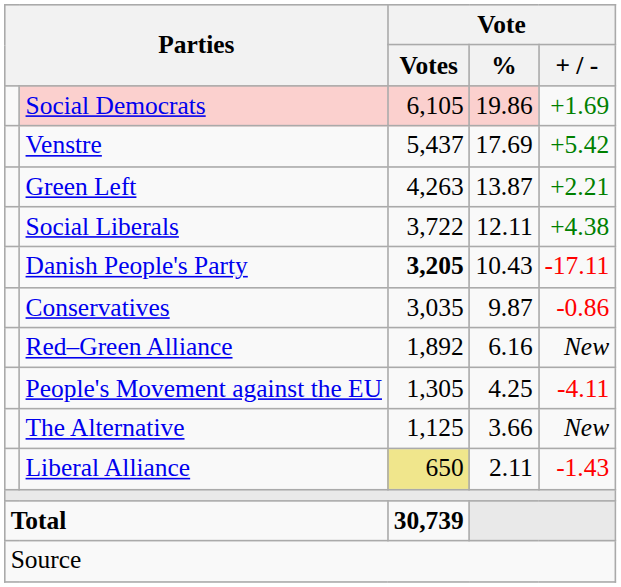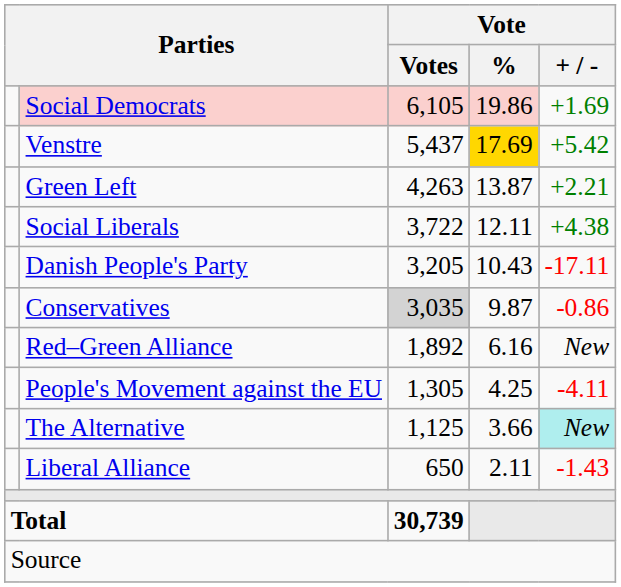 <table class="wikitable" style="text-align:right;">
 <tr>
 <th style="text-align:centre;" rowspan="2" colspan="2" width="225">Parties</th>
 <th colspan="3">Vote</th>
 </tr>
 <tr>
 <th width="15">Votes</th>
 <th width="15">%</th>
 <th width="15">+ / -</th>
 </tr>
 <tr>
 <td width="2" style="color:inherit;background:"></td>
 <td bgcolor=#fbd0ce   align="left"><a href='#'>Social Democrats</a></td>
 <td bgcolor=#fbd0ce>6,105</td>
 <td bgcolor=#fbd0ce>19.86</td>
 <td style=color:green;>+1.69</td>
 </tr>
 <tr>
 <td width="2" style="color:inherit;background:"></td>
 <td align="left"><a href='#'>Venstre</a></td>
 <td>5,437</td>
-<td>17.69</td>
+<td style="background: gold;">17.69</td>
 <td style=color:green;>+5.42</td>
 </tr>
 <tr>
 <td width="2" style="color:inherit;background:"></td>
 <td align="left"><a href='#'>Green Left</a></td>
 <td>4,263</td>
 <td>13.87</td>
 <td style=color:green;>+2.21</td>
 </tr>
 <tr>
 <td width="2" style="color:inherit;background:"></td>
 <td align="left"><a href='#'>Social Liberals</a></td>
 <td>3,722</td>
 <td>12.11</td>
 <td style=color:green;>+4.38</td>
 </tr>
 <tr>
 <td width="2" style="color:inherit;background:"></td>
 <td align="left"><a href='#'>Danish People's Party</a></td>
-<td><strong>3,205</strong></td>
+<td>3,205</td>
 <td>10.43</td>
 <td style=color:red;>-17.11</td>
 </tr>
 <tr>
 <td width="2" style="color:inherit;background:"></td>
 <td align="left"><a href='#'>Conservatives</a></td>
-<td>3,035</td>
+<td style="background: lightgrey;">3,035</td>
 <td>9.87</td>
 <td style=color:red;>-0.86</td>
 </tr>
 <tr>
 <td width="2" style="color:inherit;background:"></td>
 <td align="left"><a href='#'>Red–Green Alliance</a></td>
 <td>1,892</td>
 <td>6.16</td>
 <td><em>New</em></td>
 </tr>
 <tr>
 <td width="2" style="color:inherit;background:"></td>
 <td align="left"><a href='#'>People's Movement against the EU</a></td>
 <td>1,305</td>
 <td>4.25</td>
 <td style=color:red;>-4.11</td>
 </tr>
 <tr>
 <td width="2" style="color:inherit;background:"></td>
 <td align="left"><a href='#'>The Alternative</a></td>
 <td>1,125</td>
 <td>3.66</td>
-<td><em>New</em></td>
+<td style="background: paleturquoise;"><em>New</em></td>
 </tr>
 <tr>
 <td width="2" style="color:inherit;background:"></td>
 <td align="left"><a href='#'>Liberal Alliance</a></td>
-<td style="background: khaki;">650</td>
+<td>650</td>
 <td>2.11</td>
 <td style=color:red;>-1.43</td>
 </tr>
 <tr>
 <td colspan="7" bgcolor="#E9E9E9"></td>
 </tr>
 <tr>
 <td align="left" colspan="2"><strong>Total</strong></td>
 <td><strong>30,739</strong></td>
 <td bgcolor="#E9E9E9" colspan="2"></td>
 </tr>
 <tr>
 <td align="left" colspan="6">Source</td>
 </tr>
 </table>
